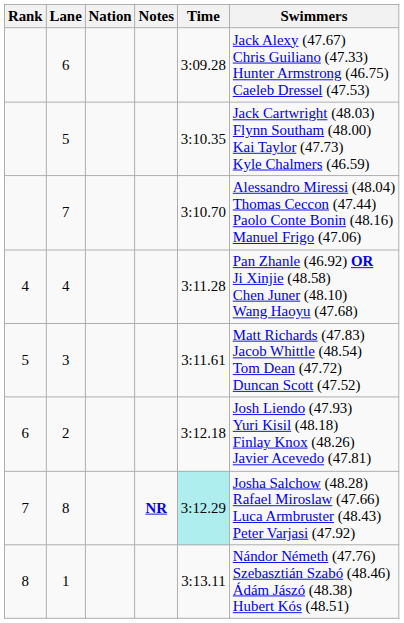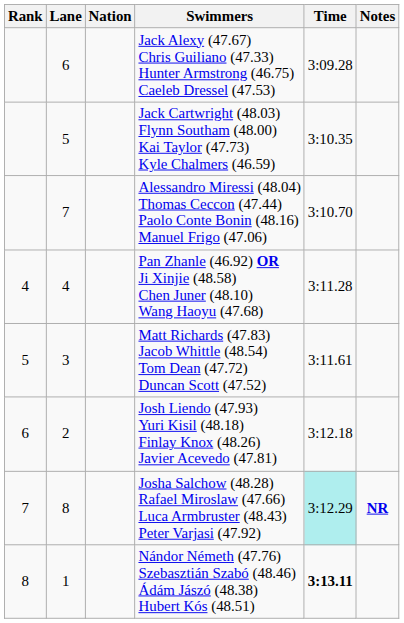 <table class="wikitable sortable mw-collapsible" style="text-align:center">
 <tr>
 <th scope="col">Rank</th>
 <th scope="col">Lane</th>
 <th scope="col">Nation</th>
+<th scope="col">Swimmers</th>
+<th scope="col">Time</th>
 <th scope="col">Notes</th>
-<th scope="col">Time</th>
-<th scope="col">Swimmers</th>
 </tr>
 <tr>
 <td></td>
 <td>6</td>
 <td align="left" valign="middle"></td>
+<td align="left" valighn="top"><a href='#'>Jack Alexy</a> (47.67)<br><a href='#'>Chris Guiliano</a> (47.33)<br><a href='#'>Hunter Armstrong</a> (46.75)<br><a href='#'>Caeleb Dressel</a> (47.53)</td>
+<td>3:09.28</td>
 <td></td>
-<td>3:09.28</td>
-<td align="left" valighn="top"><a href='#'>Jack Alexy</a> (47.67)<br><a href='#'>Chris Guiliano</a> (47.33)<br><a href='#'>Hunter Armstrong</a> (46.75)<br><a href='#'>Caeleb Dressel</a> (47.53)</td>
 </tr>
 <tr>
 <td></td>
 <td>5</td>
 <td align="left" valign="middle"></td>
+<td align="left" valighn="top"><a href='#'>Jack Cartwright</a> (48.03)<br><a href='#'>Flynn Southam</a> (48.00)<br><a href='#'>Kai Taylor</a> (47.73)<br><a href='#'>Kyle Chalmers</a> (46.59)</td>
+<td>3:10.35</td>
 <td></td>
-<td>3:10.35</td>
-<td align="left" valighn="top"><a href='#'>Jack Cartwright</a> (48.03)<br><a href='#'>Flynn Southam</a> (48.00)<br><a href='#'>Kai Taylor</a> (47.73)<br><a href='#'>Kyle Chalmers</a> (46.59)</td>
 </tr>
 <tr>
 <td></td>
 <td>7</td>
 <td align="left" valign="middle"></td>
+<td align="left" valighn="top"><a href='#'>Alessandro Miressi</a> (48.04)<br><a href='#'>Thomas Ceccon</a> (47.44)<br><a href='#'>Paolo Conte Bonin</a> (48.16)<br><a href='#'>Manuel Frigo</a> (47.06)</td>
+<td>3:10.70</td>
 <td></td>
-<td>3:10.70</td>
-<td align="left" valighn="top"><a href='#'>Alessandro Miressi</a> (48.04)<br><a href='#'>Thomas Ceccon</a> (47.44)<br><a href='#'>Paolo Conte Bonin</a> (48.16)<br><a href='#'>Manuel Frigo</a> (47.06)</td>
 </tr>
 <tr>
 <td>4</td>
 <td>4</td>
 <td align="left" valign="middle"></td>
+<td align="left" valighn="top"><a href='#'>Pan Zhanle</a> (46.92) <strong><a href='#'>OR</a></strong><br><a href='#'>Ji Xinjie</a> (48.58)<br><a href='#'>Chen Juner</a> (48.10)<br><a href='#'>Wang Haoyu</a> (47.68)</td>
+<td>3:11.28</td>
 <td></td>
-<td>3:11.28</td>
-<td align="left" valighn="top"><a href='#'>Pan Zhanle</a> (46.92) <strong><a href='#'>OR</a></strong><br><a href='#'>Ji Xinjie</a> (48.58)<br><a href='#'>Chen Juner</a> (48.10)<br><a href='#'>Wang Haoyu</a> (47.68)</td>
 </tr>
 <tr>
 <td>5</td>
 <td>3</td>
 <td align="left" valign="middle"></td>
+<td align="left" valighn="top"><a href='#'>Matt Richards</a> (47.83)<br><a href='#'>Jacob Whittle</a> (48.54)<br><a href='#'>Tom Dean</a> (47.72)<br><a href='#'>Duncan Scott</a> (47.52)</td>
+<td>3:11.61</td>
 <td></td>
-<td>3:11.61</td>
-<td align="left" valighn="top"><a href='#'>Matt Richards</a> (47.83)<br><a href='#'>Jacob Whittle</a> (48.54)<br><a href='#'>Tom Dean</a> (47.72)<br><a href='#'>Duncan Scott</a> (47.52)</td>
 </tr>
 <tr>
 <td>6</td>
 <td>2</td>
 <td align="left" valign="middle"></td>
+<td align="left" valighn="top"><a href='#'>Josh Liendo</a> (47.93)<br><a href='#'>Yuri Kisil</a> (48.18)<br><a href='#'>Finlay Knox</a> (48.26)<br><a href='#'>Javier Acevedo</a> (47.81)</td>
+<td>3:12.18</td>
 <td></td>
-<td>3:12.18</td>
-<td align="left" valighn="top"><a href='#'>Josh Liendo</a> (47.93)<br><a href='#'>Yuri Kisil</a> (48.18)<br><a href='#'>Finlay Knox</a> (48.26)<br><a href='#'>Javier Acevedo</a> (47.81)</td>
 </tr>
 <tr>
 <td>7</td>
 <td>8</td>
 <td align="left" valign="middle"></td>
+<td align="left" valighn="top"><a href='#'>Josha Salchow</a> (48.28)<br><a href='#'>Rafael Miroslaw</a> (47.66)<br><a href='#'>Luca Armbruster</a> (48.43)<br><a href='#'>Peter Varjasi</a> (47.92)</td>
+<td style="background: paleturquoise;">3:12.29</td>
 <td><strong><a href='#'>NR</a></strong></td>
-<td style="background: paleturquoise;">3:12.29</td>
-<td align="left" valighn="top"><a href='#'>Josha Salchow</a> (48.28)<br><a href='#'>Rafael Miroslaw</a> (47.66)<br><a href='#'>Luca Armbruster</a> (48.43)<br><a href='#'>Peter Varjasi</a> (47.92)</td>
 </tr>
 <tr>
 <td>8</td>
 <td>1</td>
 <td align="left" valign="middle"></td>
+<td align="left" valighn="top"><a href='#'>Nándor Németh</a> (47.76)<br><a href='#'>Szebasztián Szabó</a> (48.46)<br><a href='#'>Ádám Jászó</a> (48.38)<br><a href='#'>Hubert Kós</a> (48.51)</td>
+<td><strong>3:13.11</strong></td>
 <td></td>
-<td>3:13.11</td>
-<td align="left" valighn="top"><a href='#'>Nándor Németh</a> (47.76)<br><a href='#'>Szebasztián Szabó</a> (48.46)<br><a href='#'>Ádám Jászó</a> (48.38)<br><a href='#'>Hubert Kós</a> (48.51)</td>
 </tr>
 </table>
